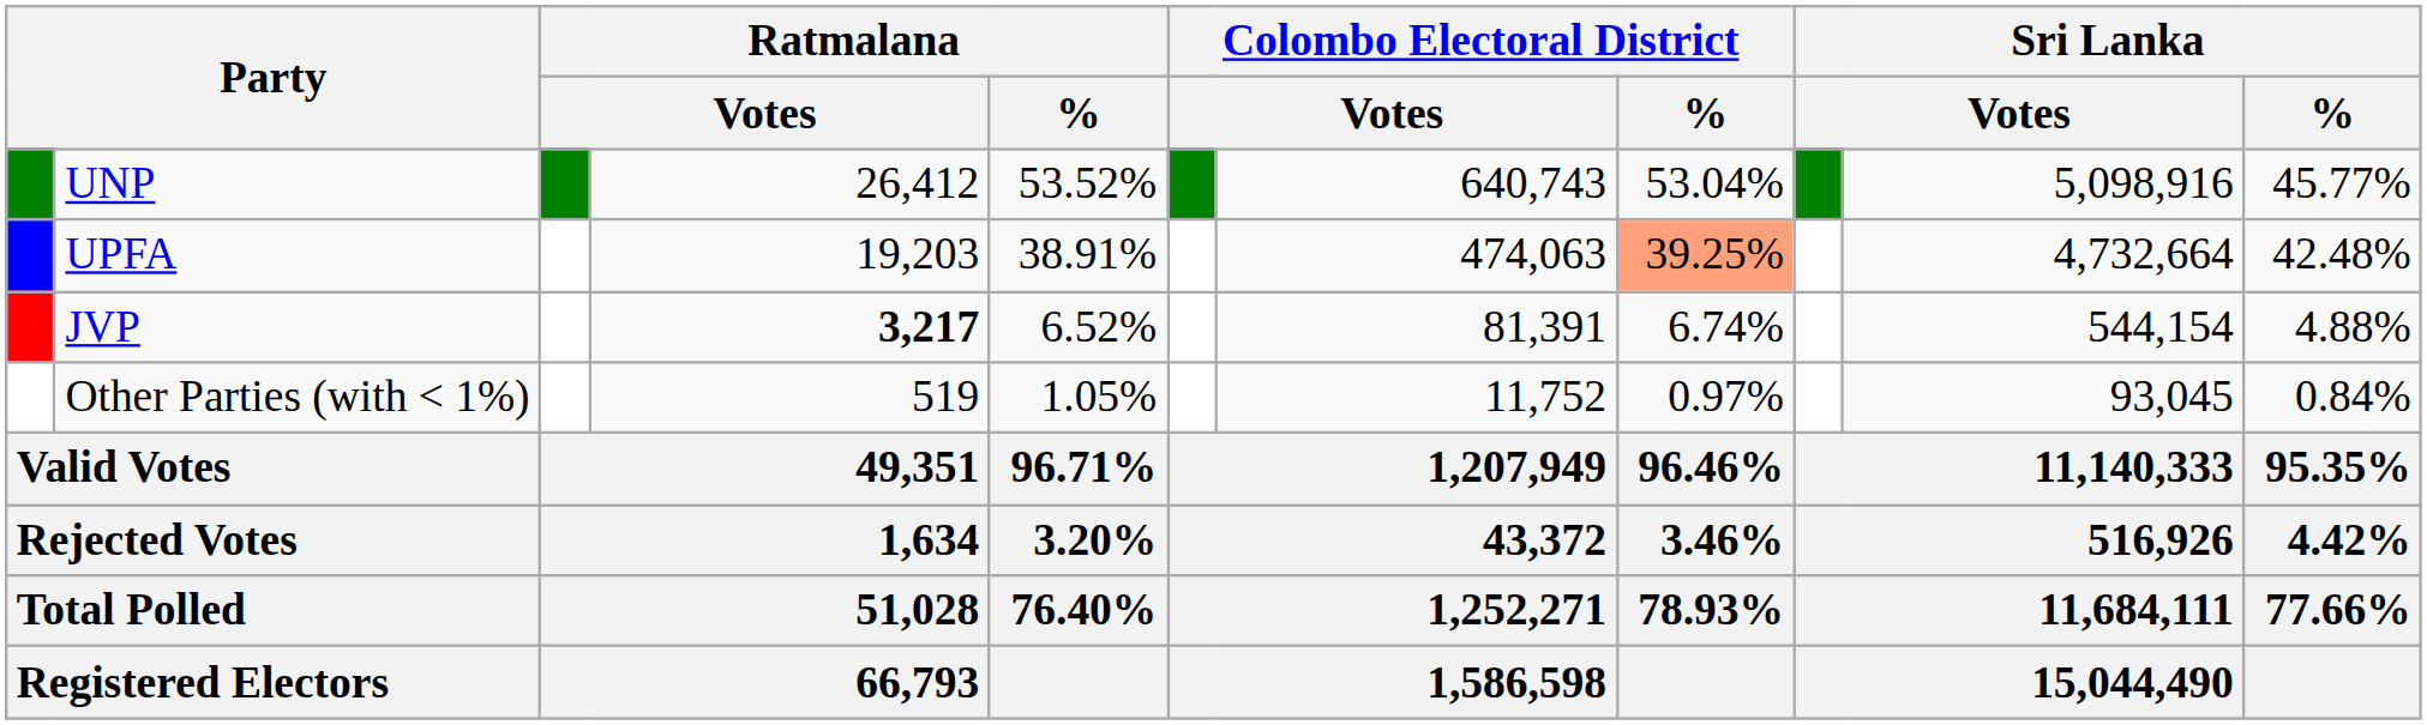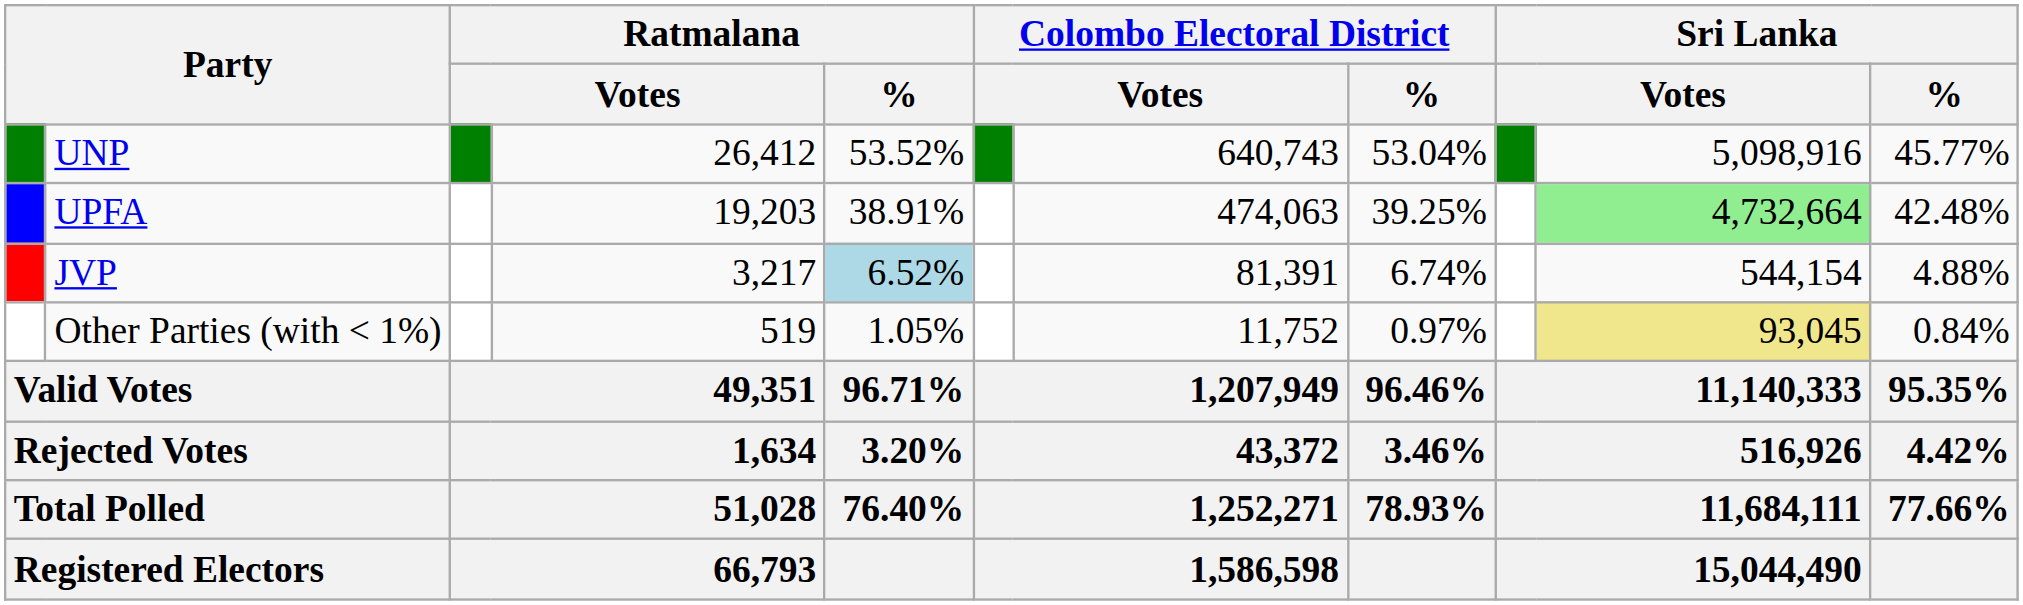 <table class="wikitable">
 <tr>
 <th colspan="2" width="144px"rowspan="2">Party</th>
 <th colspan="3" width="216px">Ratmalana</th>
 <th colspan="3" width="216px"><a href='#'>Colombo Electoral District</a></th>
 <th colspan="3" width="216px">Sri Lanka</th>
 </tr>
 <tr>
 <th colspan="2" width="144px">Votes</th>
 <th>%</th>
 <th colspan="2" width="144px">Votes</th>
 <th>%</th>
 <th colspan="2" width="144px">Votes</th>
 <th>%</th>
 </tr>
 <tr>
 <td style="background-color:green;" width="10px"></td>
 <td style="text-align:left;"><a href='#'>UNP</a></td>
 <td style="background-color:green;" width="10px"></td>
 <td style="text-align:right;">26,412</td>
 <td style="text-align:right;">53.52%</td>
 <td style="background-color:green;" width="10px"></td>
 <td style="text-align:right;">640,743</td>
 <td style="text-align:right;">53.04%</td>
 <td style="background-color:green;" width="10px"></td>
 <td style="text-align:right;">5,098,916</td>
 <td style="text-align:right;">45.77%</td>
 </tr>
 <tr>
 <td style="background-color:blue;" width="10px"></td>
 <td style="text-align:left;"><a href='#'>UPFA</a></td>
 <td style="background-color:white;" width="10px"></td>
 <td style="text-align:right;">19,203</td>
 <td style="text-align:right;">38.91%</td>
 <td style="background-color:white;" width="10px"></td>
 <td style="text-align:right;">474,063</td>
-<td style="background: lightsalmon; text-align:right;">39.25%</td>
+<td style="text-align:right;">39.25%</td>
 <td style="background-color:white;" width="10px"></td>
-<td style="text-align:right;">4,732,664</td>
+<td style="background: lightgreen; text-align:right;">4,732,664</td>
 <td style="text-align:right;">42.48%</td>
 </tr>
 <tr>
 <td style="background-color:red;" width="10px"></td>
 <td style="text-align:left;"><a href='#'>JVP</a></td>
 <td style="background-color:white;" width="10px"></td>
-<td style="text-align:right;"><strong>3,217</strong></td>
-<td style="text-align:right;">6.52%</td>
+<td style="text-align:right;">3,217</td>
+<td style="background: lightblue; text-align:right;">6.52%</td>
 <td style="background-color:white;" width="10px"></td>
 <td style="text-align:right;">81,391</td>
 <td style="text-align:right;">6.74%</td>
 <td style="background-color:white;" width="10px"></td>
 <td style="text-align:right;">544,154</td>
 <td style="text-align:right;">4.88%</td>
 </tr>
 <tr>
 <td style="background-color:white;" width="10px"></td>
 <td style="text-align:left;">Other Parties (with < 1%)</td>
 <td style="background-color:white;" width="10px"></td>
 <td style="text-align:right;">519</td>
 <td style="text-align:right;">1.05%</td>
 <td style="background-color:white;" width="10px"></td>
 <td style="text-align:right;">11,752</td>
 <td style="text-align:right;">0.97%</td>
 <td style="background-color:white;" width="10px"></td>
-<td style="text-align:right;">93,045</td>
+<td style="background: khaki; text-align:right;">93,045</td>
 <td style="text-align:right;">0.84%</td>
 </tr>
 <tr>
 <th colspan="2" width="144px"style="text-align:left;">Valid Votes</th>
 <th style="text-align:right;"colspan="2" width="144px">49,351</th>
 <th style="text-align:right;">96.71%</th>
 <th style="text-align:right;"colspan="2" width="144px">1,207,949</th>
 <th style="text-align:right;">96.46%</th>
 <th style="text-align:right;"colspan="2" width="144px">11,140,333</th>
 <th style="text-align:right;">95.35%</th>
 </tr>
 <tr>
 <th colspan="2" width="144px"style="text-align:left;">Rejected Votes</th>
 <th style="text-align:right;"colspan="2" width="144px">1,634</th>
 <th style="text-align:right;">3.20%</th>
 <th style="text-align:right;"colspan="2" width="144px">43,372</th>
 <th style="text-align:right;">3.46%</th>
 <th style="text-align:right;"colspan="2" width="144px">516,926</th>
 <th style="text-align:right;">4.42%</th>
 </tr>
 <tr>
 <th colspan="2" width="144px"style="text-align:left;">Total Polled</th>
 <th style="text-align:right;"colspan="2" width="144px">51,028</th>
 <th style="text-align:right;">76.40%</th>
 <th style="text-align:right;"colspan="2" width="144px">1,252,271</th>
 <th style="text-align:right;">78.93%</th>
 <th style="text-align:right;"colspan="2" width="144px">11,684,111</th>
 <th style="text-align:right;">77.66%</th>
 </tr>
 <tr>
 <th colspan="2" width="144px"style="text-align:left;">Registered Electors</th>
 <th style="text-align:right;"colspan="2" width="144px">66,793</th>
 <th></th>
 <th style="text-align:right;"colspan="2" width="144px">1,586,598</th>
 <th></th>
 <th style="text-align:right;"colspan="2" width="144px">15,044,490</th>
 <th></th>
 </tr>
 </table>
